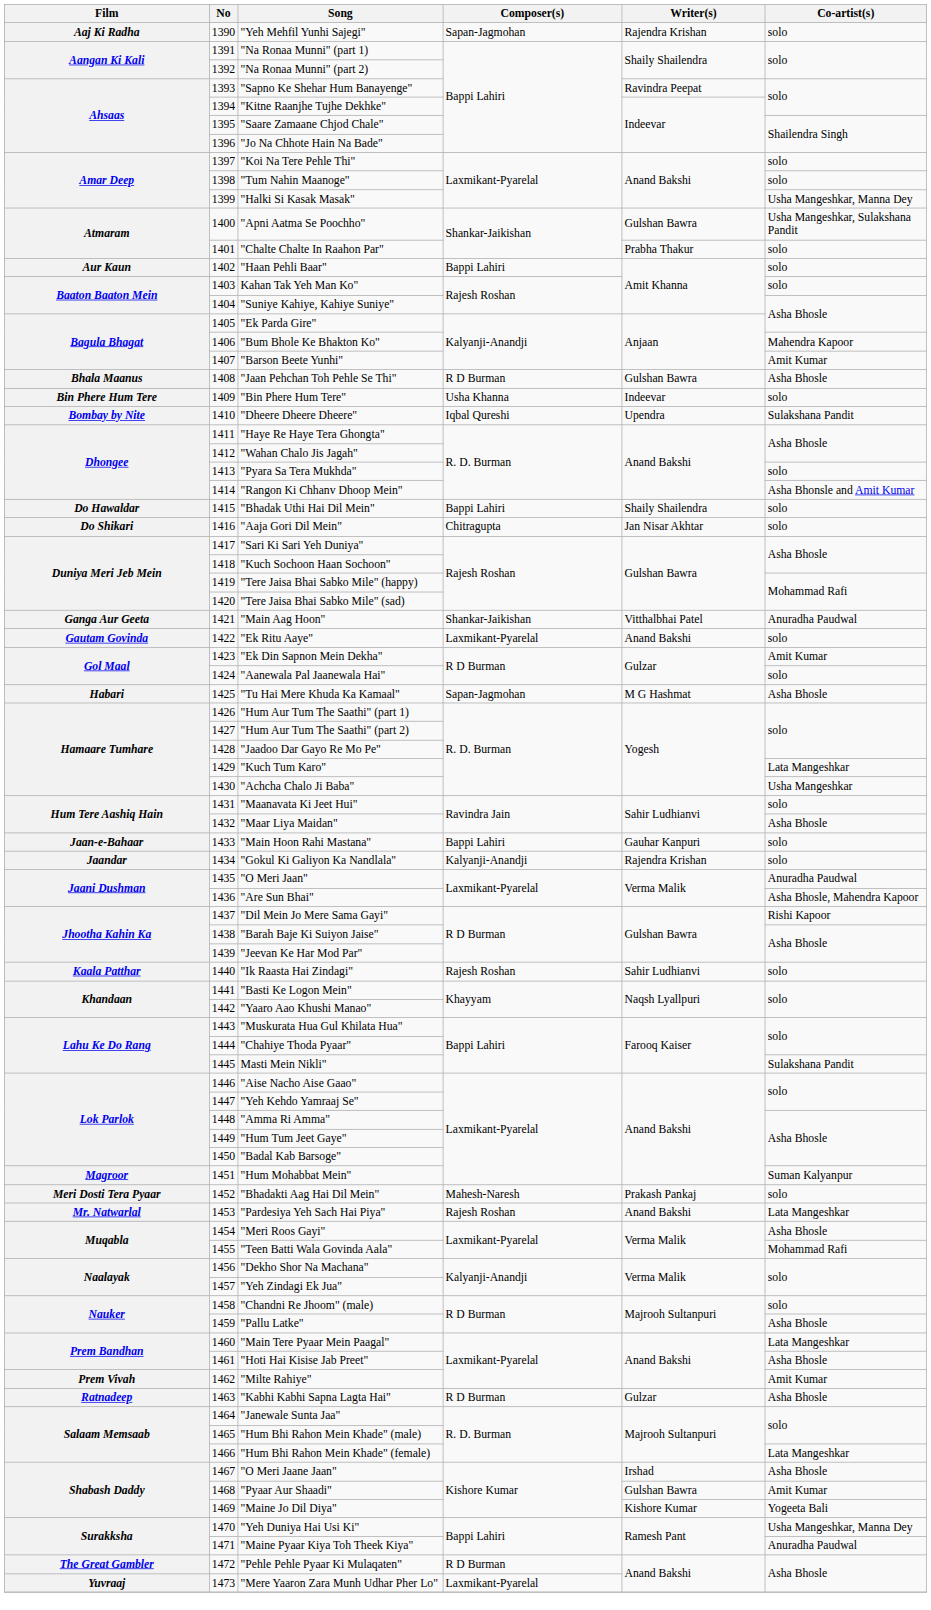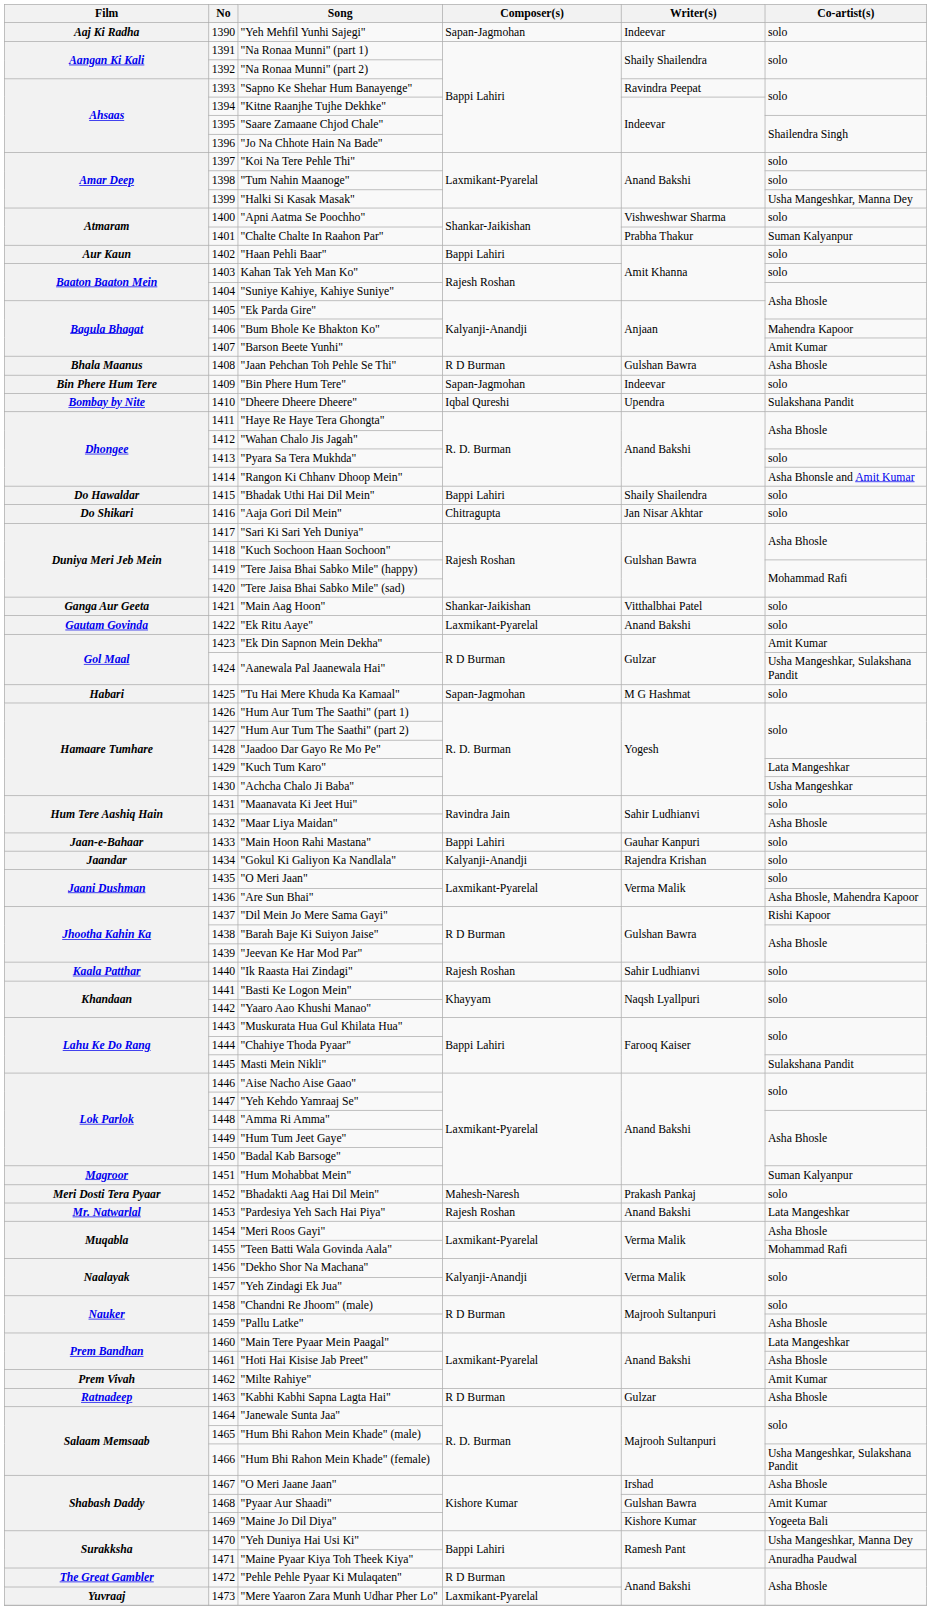 <table class="wikitable plainrowheaders" width="100%" textcolor:#000;">
 <tr style="background:#b0e0e66;">
 <th scope="col" width=23%><strong>Film</strong></th>
 <th><strong>No</strong></th>
 <th scope="col" width=23%><strong>Song</strong></th>
 <th scope="col" width=20%><strong>Composer(s)</strong></th>
 <th scope="col" width=16%><strong>Writer(s)</strong></th>
 <th scope="col" width=18%><strong>Co-artist(s)</strong></th>
 </tr>
 <tr>
 <th><em>Aaj Ki Radha</em></th>
 <td>1390</td>
 <td>"Yeh Mehfil Yunhi Sajegi"</td>
 <td>Sapan-Jagmohan</td>
-<td>Rajendra Krishan</td>
+<td>Indeevar</td>
 <td>solo</td>
 </tr>
 <tr>
 <th rowspan=2><em><a href='#'>Aangan Ki Kali</a></em></th>
 <td>1391</td>
 <td>"Na Ronaa Munni" (part 1)</td>
 <td rowspan=6>Bappi Lahiri</td>
 <td rowspan=2>Shaily Shailendra</td>
 <td rowspan=2>solo</td>
 </tr>
 <tr>
 <td>1392</td>
 <td>"Na Ronaa Munni" (part 2)</td>
 </tr>
 <tr>
 <th rowspan=4><em><a href='#'>Ahsaas</a></em></th>
 <td>1393</td>
 <td>"Sapno Ke Shehar Hum Banayenge"</td>
 <td>Ravindra Peepat</td>
 <td rowspan=2>solo</td>
 </tr>
 <tr>
 <td>1394</td>
 <td>"Kitne Raanjhe Tujhe Dekhke"</td>
 <td rowspan=3>Indeevar</td>
 </tr>
 <tr>
 <td>1395</td>
 <td>"Saare Zamaane Chjod Chale"</td>
 <td rowspan=2>Shailendra Singh</td>
 </tr>
 <tr>
 <td>1396</td>
 <td>"Jo Na Chhote Hain Na Bade"</td>
 </tr>
 <tr>
 <th rowspan=3><em><a href='#'>Amar Deep</a></em></th>
 <td>1397</td>
 <td>"Koi Na Tere Pehle Thi"</td>
 <td rowspan=3>Laxmikant-Pyarelal</td>
 <td rowspan=3>Anand Bakshi</td>
 <td>solo</td>
 </tr>
 <tr>
 <td>1398</td>
 <td>"Tum Nahin Maanoge"</td>
 <td>solo</td>
 </tr>
 <tr>
 <td>1399</td>
 <td>"Halki Si Kasak Masak"</td>
 <td>Usha Mangeshkar, Manna Dey</td>
 </tr>
 <tr>
 <th rowspan=2><em>Atmaram</em></th>
 <td>1400</td>
 <td>"Apni Aatma Se Poochho"</td>
 <td rowspan=2>Shankar-Jaikishan</td>
-<td>Gulshan Bawra</td>
-<td>Usha Mangeshkar, Sulakshana Pandit</td>
+<td>Vishweshwar Sharma</td>
+<td>solo</td>
 </tr>
 <tr>
 <td>1401</td>
 <td>"Chalte Chalte In Raahon Par"</td>
 <td>Prabha Thakur</td>
-<td>solo</td>
+<td>Suman Kalyanpur</td>
 </tr>
 <tr>
 <th><em>Aur Kaun</em></th>
 <td>1402</td>
 <td>"Haan Pehli Baar"</td>
 <td>Bappi Lahiri</td>
 <td rowspan=3>Amit Khanna</td>
 <td>solo</td>
 </tr>
 <tr>
 <th rowspan=2><em><a href='#'>Baaton Baaton Mein</a></em></th>
 <td>1403</td>
 <td>Kahan Tak Yeh Man Ko"</td>
 <td rowspan=2>Rajesh Roshan</td>
 <td>solo</td>
 </tr>
 <tr>
 <td>1404</td>
 <td>"Suniye Kahiye, Kahiye Suniye"</td>
 <td rowspan=2>Asha Bhosle</td>
 </tr>
 <tr>
 <th rowspan=3><em><a href='#'>Bagula Bhagat</a></em></th>
 <td>1405</td>
 <td>"Ek Parda Gire"</td>
 <td rowspan=3>Kalyanji-Anandji</td>
 <td rowspan=3>Anjaan</td>
 </tr>
 <tr>
 <td>1406</td>
 <td>"Bum Bhole Ke Bhakton Ko"</td>
 <td>Mahendra Kapoor</td>
 </tr>
 <tr>
 <td>1407</td>
 <td>"Barson Beete Yunhi"</td>
 <td>Amit Kumar</td>
 </tr>
 <tr>
 <th><em>Bhala Maanus</em></th>
 <td>1408</td>
 <td>"Jaan Pehchan Toh Pehle Se Thi"</td>
 <td>R D Burman</td>
 <td>Gulshan Bawra</td>
 <td>Asha Bhosle</td>
 </tr>
 <tr>
 <th><em>Bin Phere Hum Tere</em></th>
 <td>1409</td>
 <td>"Bin Phere Hum Tere"</td>
-<td>Usha Khanna</td>
+<td>Sapan-Jagmohan</td>
 <td>Indeevar</td>
 <td>solo</td>
 </tr>
 <tr>
 <th><em><a href='#'>Bombay by Nite</a></em></th>
 <td>1410</td>
 <td>"Dheere Dheere Dheere"</td>
 <td>Iqbal Qureshi</td>
 <td>Upendra</td>
 <td>Sulakshana Pandit</td>
 </tr>
 <tr>
 <th rowspan=4><em><a href='#'>Dhongee</a></em></th>
 <td>1411</td>
 <td>"Haye Re Haye Tera Ghongta"</td>
 <td rowspan=4>R. D. Burman</td>
 <td rowspan=4>Anand Bakshi</td>
 <td rowspan=2>Asha Bhosle</td>
 </tr>
 <tr>
 <td>1412</td>
 <td>"Wahan Chalo Jis Jagah"</td>
 </tr>
 <tr>
 <td>1413</td>
 <td>"Pyara Sa Tera Mukhda"</td>
 <td>solo</td>
 </tr>
 <tr>
 <td>1414</td>
 <td>"Rangon Ki Chhanv Dhoop Mein"</td>
 <td>Asha Bhonsle and <a href='#'>Amit Kumar</a></td>
 </tr>
 <tr>
 <th><em>Do Hawaldar</em></th>
 <td>1415</td>
 <td>"Bhadak Uthi Hai Dil Mein"</td>
 <td>Bappi Lahiri</td>
 <td>Shaily Shailendra</td>
 <td>solo</td>
 </tr>
 <tr>
 <th><em>Do Shikari</em></th>
 <td>1416</td>
 <td>"Aaja Gori Dil Mein"</td>
 <td>Chitragupta</td>
 <td>Jan Nisar Akhtar</td>
 <td>solo</td>
 </tr>
 <tr>
 <th rowspan=4><em>Duniya Meri Jeb Mein</em></th>
 <td>1417</td>
 <td>"Sari Ki Sari Yeh Duniya"</td>
 <td rowspan=4>Rajesh Roshan</td>
 <td rowspan=4>Gulshan Bawra</td>
 <td rowspan=2>Asha Bhosle</td>
 </tr>
 <tr>
 <td>1418</td>
 <td>"Kuch Sochoon Haan Sochoon"</td>
 </tr>
 <tr>
 <td>1419</td>
 <td>"Tere Jaisa Bhai Sabko Mile" (happy)</td>
 <td rowspan=2>Mohammad Rafi</td>
 </tr>
 <tr>
 <td>1420</td>
 <td>"Tere Jaisa Bhai Sabko Mile" (sad)</td>
 </tr>
 <tr>
 <th><em>Ganga Aur Geeta</em></th>
 <td>1421</td>
 <td>"Main Aag Hoon"</td>
 <td>Shankar-Jaikishan</td>
 <td>Vitthalbhai Patel</td>
-<td>Anuradha Paudwal</td>
+<td>solo</td>
 </tr>
 <tr>
 <th><em><a href='#'>Gautam Govinda</a></em></th>
 <td>1422</td>
 <td>"Ek Ritu Aaye"</td>
 <td>Laxmikant-Pyarelal</td>
 <td>Anand Bakshi</td>
 <td>solo</td>
 </tr>
 <tr>
 <th rowspan=2><em><a href='#'>Gol Maal</a></em></th>
 <td>1423</td>
 <td>"Ek Din Sapnon Mein Dekha"</td>
 <td rowspan=2>R D Burman</td>
 <td rowspan=2>Gulzar</td>
 <td>Amit Kumar</td>
 </tr>
 <tr>
 <td>1424</td>
 <td>"Aanewala Pal Jaanewala Hai"</td>
-<td>solo</td>
+<td>Usha Mangeshkar, Sulakshana Pandit</td>
 </tr>
 <tr>
 <th><em>Habari</em></th>
 <td>1425</td>
 <td>"Tu Hai Mere Khuda Ka Kamaal"</td>
 <td>Sapan-Jagmohan</td>
 <td>M G Hashmat</td>
-<td>Asha Bhosle</td>
+<td>solo</td>
 </tr>
 <tr>
 <th rowspan=5><em>Hamaare Tumhare</em></th>
 <td>1426</td>
 <td>"Hum Aur Tum The Saathi" (part 1)</td>
 <td rowspan=5>R. D. Burman</td>
 <td rowspan=5>Yogesh</td>
 <td rowspan=3>solo</td>
 </tr>
 <tr>
 <td>1427</td>
 <td>"Hum Aur Tum The Saathi" (part 2)</td>
 </tr>
 <tr>
 <td>1428</td>
 <td>"Jaadoo Dar Gayo Re Mo Pe"</td>
 </tr>
 <tr>
 <td>1429</td>
 <td>"Kuch Tum Karo"</td>
 <td>Lata Mangeshkar</td>
 </tr>
 <tr>
 <td>1430</td>
 <td>"Achcha Chalo Ji Baba"</td>
 <td>Usha Mangeshkar</td>
 </tr>
 <tr>
 <th rowspan=2><em>Hum Tere Aashiq Hain</em></th>
 <td>1431</td>
 <td>"Maanavata Ki Jeet Hui"</td>
 <td rowspan=2>Ravindra Jain</td>
 <td rowspan=2>Sahir Ludhianvi</td>
 <td>solo</td>
 </tr>
 <tr>
 <td>1432</td>
 <td>"Maar Liya Maidan"</td>
 <td>Asha Bhosle</td>
 </tr>
 <tr>
 <th><em>Jaan-e-Bahaar</em></th>
 <td>1433</td>
 <td>"Main Hoon Rahi Mastana"</td>
 <td>Bappi Lahiri</td>
 <td>Gauhar Kanpuri</td>
 <td>solo</td>
 </tr>
 <tr>
 <th><em>Jaandar</em></th>
 <td>1434</td>
 <td>"Gokul Ki Galiyon Ka Nandlala"</td>
 <td>Kalyanji-Anandji</td>
 <td>Rajendra Krishan</td>
 <td>solo</td>
 </tr>
 <tr>
 <th rowspan=2><em><a href='#'>Jaani Dushman</a></em></th>
 <td>1435</td>
 <td>"O Meri Jaan"</td>
 <td rowspan=2>Laxmikant-Pyarelal</td>
 <td rowspan=2>Verma Malik</td>
-<td>Anuradha Paudwal</td>
+<td>solo</td>
 </tr>
 <tr>
 <td>1436</td>
 <td>"Are Sun Bhai"</td>
 <td>Asha Bhosle, Mahendra Kapoor</td>
 </tr>
 <tr>
 <th rowspan=3><em><a href='#'>Jhootha Kahin Ka</a></em></th>
 <td>1437</td>
 <td>"Dil Mein Jo Mere Sama Gayi"</td>
 <td rowspan=3>R D Burman</td>
 <td rowspan=3>Gulshan Bawra</td>
 <td>Rishi Kapoor</td>
 </tr>
 <tr>
 <td>1438</td>
 <td>"Barah Baje Ki Suiyon Jaise"</td>
 <td rowspan=2>Asha Bhosle</td>
 </tr>
 <tr>
 <td>1439</td>
 <td>"Jeevan Ke Har Mod Par"</td>
 </tr>
 <tr>
 <th><em><a href='#'>Kaala Patthar</a></em></th>
 <td>1440</td>
 <td>"Ik Raasta Hai Zindagi"</td>
 <td>Rajesh Roshan</td>
 <td>Sahir Ludhianvi</td>
 <td>solo</td>
 </tr>
 <tr>
 <th rowspan=2><em>Khandaan</em></th>
 <td>1441</td>
 <td>"Basti Ke Logon Mein"</td>
 <td rowspan=2>Khayyam</td>
 <td rowspan=2>Naqsh Lyallpuri</td>
 <td rowspan=2>solo</td>
 </tr>
 <tr>
 <td>1442</td>
 <td>"Yaaro Aao Khushi Manao"</td>
 </tr>
 <tr>
 <th rowspan=3><em><a href='#'>Lahu Ke Do Rang</a></em></th>
 <td>1443</td>
 <td>"Muskurata Hua Gul Khilata Hua"</td>
 <td rowspan=3>Bappi Lahiri</td>
 <td rowspan=3>Farooq Kaiser</td>
 <td rowspan=2>solo</td>
 </tr>
 <tr>
 <td>1444</td>
 <td>"Chahiye Thoda Pyaar"</td>
 </tr>
 <tr>
 <td>1445</td>
 <td>Masti Mein Nikli"</td>
 <td>Sulakshana Pandit</td>
 </tr>
 <tr>
 <th rowspan=5><em><a href='#'>Lok Parlok</a></em></th>
 <td>1446</td>
 <td>"Aise Nacho Aise Gaao"</td>
 <td rowspan=6>Laxmikant-Pyarelal</td>
 <td rowspan=6>Anand Bakshi</td>
 <td rowspan=2>solo</td>
 </tr>
 <tr>
 <td>1447</td>
 <td>"Yeh Kehdo Yamraaj Se"</td>
 </tr>
 <tr>
 <td>1448</td>
 <td>"Amma Ri Amma"</td>
 <td rowspan=3>Asha Bhosle</td>
 </tr>
 <tr>
 <td>1449</td>
 <td>"Hum Tum Jeet Gaye"</td>
 </tr>
 <tr>
 <td>1450</td>
 <td>"Badal Kab Barsoge"</td>
 </tr>
 <tr>
 <th><em><a href='#'>Magroor</a></em></th>
 <td>1451</td>
 <td>"Hum Mohabbat Mein"</td>
 <td>Suman Kalyanpur</td>
 </tr>
 <tr>
 <th><em>Meri Dosti Tera Pyaar</em></th>
 <td>1452</td>
 <td>"Bhadakti Aag Hai Dil Mein"</td>
 <td>Mahesh-Naresh</td>
 <td>Prakash Pankaj</td>
 <td>solo</td>
 </tr>
 <tr>
 <th><em><a href='#'>Mr. Natwarlal</a></em></th>
 <td>1453</td>
 <td>"Pardesiya Yeh Sach Hai Piya"</td>
 <td>Rajesh Roshan</td>
 <td>Anand Bakshi</td>
 <td>Lata Mangeshkar</td>
 </tr>
 <tr>
 <th rowspan=2><em>Muqabla</em></th>
 <td>1454</td>
 <td>"Meri Roos Gayi"</td>
 <td rowspan=2>Laxmikant-Pyarelal</td>
 <td rowspan=2>Verma Malik</td>
 <td>Asha Bhosle</td>
 </tr>
 <tr>
 <td>1455</td>
 <td>"Teen Batti Wala Govinda Aala"</td>
 <td>Mohammad Rafi</td>
 </tr>
 <tr>
 <th rowspan=2><em>Naalayak</em></th>
 <td>1456</td>
 <td>"Dekho Shor Na Machana"</td>
 <td rowspan=2>Kalyanji-Anandji</td>
 <td rowspan=2>Verma Malik</td>
 <td rowspan=2>solo</td>
 </tr>
 <tr>
 <td>1457</td>
 <td>"Yeh Zindagi Ek Jua"</td>
 </tr>
 <tr>
 <th Rowspan=2><em><a href='#'>Nauker</a></em></th>
 <td>1458</td>
 <td>"Chandni Re Jhoom" (male)</td>
 <td rowspan=2>R D Burman</td>
 <td rowspan=2>Majrooh Sultanpuri</td>
 <td>solo</td>
 </tr>
 <tr>
 <td>1459</td>
 <td>"Pallu Latke"</td>
 <td>Asha Bhosle</td>
 </tr>
 <tr>
 <th rowspan=2><em><a href='#'>Prem Bandhan</a></em></th>
 <td>1460</td>
 <td>"Main Tere Pyaar Mein Paagal"</td>
 <td rowspan=3>Laxmikant-Pyarelal</td>
 <td rowspan=3>Anand Bakshi</td>
 <td>Lata Mangeshkar</td>
 </tr>
 <tr>
 <td>1461</td>
 <td>"Hoti Hai Kisise Jab Preet"</td>
 <td>Asha Bhosle</td>
 </tr>
 <tr>
 <th><em>Prem Vivah</em></th>
 <td>1462</td>
 <td>"Milte Rahiye"</td>
 <td>Amit Kumar</td>
 </tr>
 <tr>
 <th><em><a href='#'>Ratnadeep</a></em></th>
 <td>1463</td>
 <td>"Kabhi Kabhi Sapna Lagta Hai"</td>
 <td>R D Burman</td>
 <td>Gulzar</td>
 <td>Asha Bhosle</td>
 </tr>
 <tr>
 <th rowspan=3><em>Salaam Memsaab</em></th>
 <td>1464</td>
 <td>"Janewale Sunta Jaa"</td>
 <td rowspan=3>R. D. Burman</td>
 <td rowspan=3>Majrooh Sultanpuri</td>
 <td rowspan=2>solo</td>
 </tr>
 <tr>
 <td>1465</td>
 <td>"Hum Bhi Rahon Mein Khade" (male)</td>
 </tr>
 <tr>
 <td>1466</td>
 <td>"Hum Bhi Rahon Mein Khade" (female)</td>
-<td>Lata Mangeshkar</td>
+<td>Usha Mangeshkar, Sulakshana Pandit</td>
 </tr>
 <tr>
 <th rowspan=3><em>Shabash Daddy</em></th>
 <td>1467</td>
 <td>"O Meri Jaane Jaan"</td>
 <td rowspan=3>Kishore Kumar</td>
 <td>Irshad</td>
 <td rowspan=1>Asha Bhosle</td>
 </tr>
 <tr>
 <td>1468</td>
 <td>"Pyaar Aur Shaadi"</td>
 <td>Gulshan Bawra</td>
 <td>Amit Kumar</td>
 </tr>
 <tr>
 <td>1469</td>
 <td>"Maine Jo Dil Diya"</td>
 <td>Kishore Kumar</td>
 <td>Yogeeta Bali</td>
 </tr>
 <tr>
 <th rowspan=2><em>Surakksha</em></th>
 <td>1470</td>
 <td>"Yeh Duniya Hai Usi Ki"</td>
 <td rowspan=2>Bappi Lahiri</td>
 <td rowspan=2>Ramesh Pant</td>
 <td>Usha Mangeshkar, Manna Dey</td>
 </tr>
 <tr>
 <td>1471</td>
 <td>"Maine Pyaar Kiya Toh Theek Kiya"</td>
 <td>Anuradha Paudwal</td>
 </tr>
 <tr>
 <th><em><a href='#'>The Great Gambler</a></em></th>
 <td>1472</td>
 <td>"Pehle Pehle Pyaar Ki Mulaqaten"</td>
 <td>R D Burman</td>
 <td rowspan=2>Anand Bakshi</td>
 <td rowspan=2>Asha Bhosle</td>
 </tr>
 <tr>
 <th><em>Yuvraaj</em></th>
 <td>1473</td>
 <td>"Mere Yaaron Zara Munh Udhar Pher Lo"</td>
 <td>Laxmikant-Pyarelal</td>
 </tr>
 <tr>
 </tr>
 </table>
